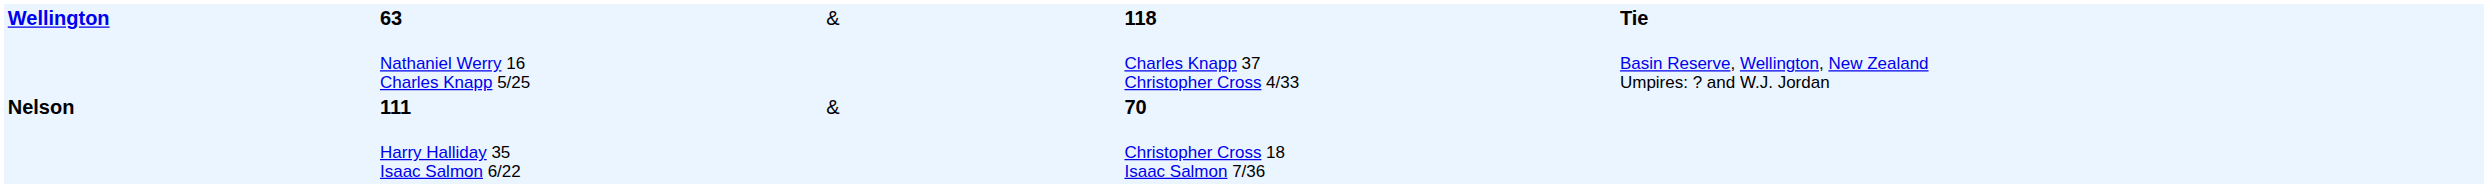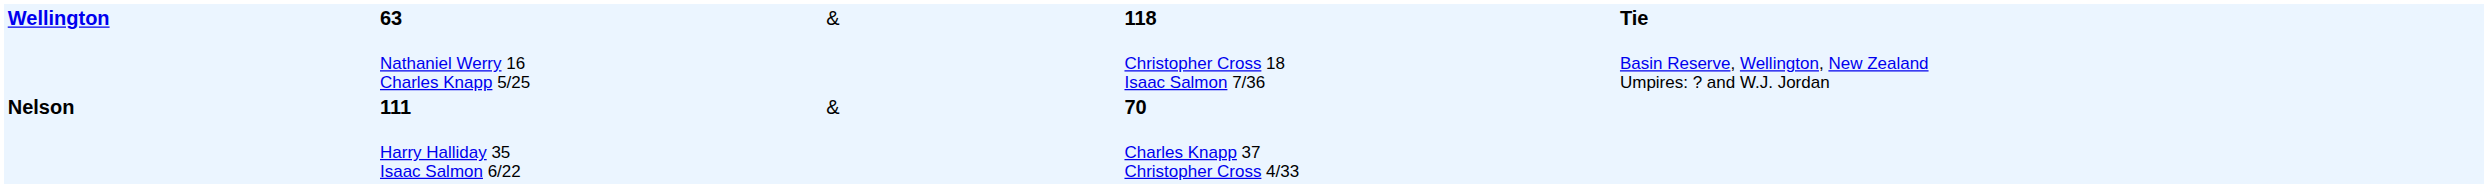 <table width="100%" style="background: #EBF5FF">
 <tr>
 <td width="15%" valign="top" rowspan="2"><strong><a href='#'>Wellington</a></strong></td>
 <td width="18%"><strong>63</strong></td>
 <td width="12%">&</td>
 <td width="20%"><strong>118</strong></td>
 <td width="35%"><strong>Tie</strong></td>
 </tr>
 <tr>
 <td style="font-size: 85%;" valign="top"><br><a href='#'>Nathaniel Werry</a> 16<br> <a href='#'>Charles Knapp</a> 5/25</td>
 <td></td>
-<td style="font-size: 85%;"><br><a href='#'>Charles Knapp</a> 37<br> <a href='#'>Christopher Cross</a> 4/33</td>
+<td valign="top" style="font-size: 85%;"><br><a href='#'>Christopher Cross</a> 18<br> <a href='#'>Isaac Salmon</a> 7/36</td>
 <td valign="top" style="font-size: 85%;" rowspan="3"><br><a href='#'>Basin Reserve</a>, <a href='#'>Wellington</a>, <a href='#'>New Zealand</a><br> Umpires: ? and W.J. Jordan</td>
 </tr>
 <tr>
 <td valign="top" rowspan="2"><strong>Nelson</strong></td>
 <td><strong>111</strong></td>
 <td>&</td>
 <td><strong>70</strong></td>
 </tr>
 <tr>
 <td style="font-size: 85%;"><br><a href='#'>Harry Halliday</a> 35<br> <a href='#'>Isaac Salmon</a> 6/22</td>
 <td></td>
-<td valign="top" style="font-size: 85%;"><br><a href='#'>Christopher Cross</a> 18<br> <a href='#'>Isaac Salmon</a> 7/36</td>
+<td style="font-size: 85%;"><br><a href='#'>Charles Knapp</a> 37<br> <a href='#'>Christopher Cross</a> 4/33</td>
 </tr>
 </table>
